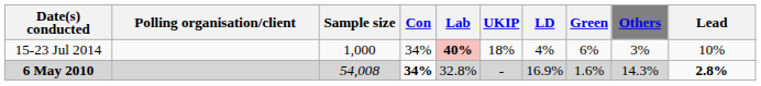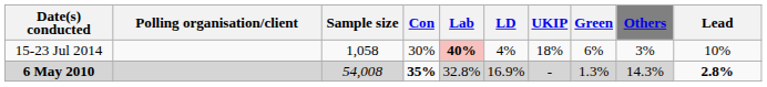 <table class="wikitable sortable" style="text-align:center;font-size:90%;line-height:14px">
 <tr>
 <th ! style="width:100px;">Date(s)<br>conducted</th>
 <th style="width:200px;">Polling organisation/client</th>
 <th class="unsortable" style="width:75px;">Sample size</th>
 <th class="unsortable" style="background:"><a href='#'><span>Con</span></a></th>
 <th class="unsortable" style="background:"><a href='#'><span>Lab</span></a></th>
+<th class="unsortable" style="background:"><a href='#'><span>LD</span></a></th>
 <th class="unsortable" style="background:"><a href='#'><span>UKIP</span></a></th>
-<th class="unsortable" style="background:"><a href='#'><span>LD</span></a></th>
 <th class="unsortable" style="background:"><a href='#'><span>Green</span></a></th>
 <th class="unsortable" style="background:gray; width:50px;"><a href='#'><span>Others</span></a></th>
 <th class="unsortable" style="width:80px;">Lead</th>
 </tr>
 <tr>
 <td>15-23 Jul 2014</td>
 <td> </td>
-<td>1,000</td>
-<td>34%</td>
+<td>1,058</td>
+<td>30%</td>
 <td style="background:#F8C1BE"><strong>40%</strong></td>
+<td>4%</td>
 <td>18%</td>
-<td>4%</td>
 <td>6%</td>
 <td>3%</td>
 <td style="background:">10%</td>
 </tr>
 <tr>
 <td style="background:#D5D5D5"><strong>6 May 2010</strong></td>
 <td style="background:#D5D5D5"></td>
 <td style="background:#D5D5D5"><em>54,008</em></td>
-<td style="background:"><strong>34%</strong></td>
+<td style="background:"><strong>35%</strong></td>
 <td style="background:#D5D5D5">32.8%</td>
+<td style="background:#D5D5D5">16.9%</td>
 <td style="background:#D5D5D5">-</td>
-<td style="background:#D5D5D5">16.9%</td>
-<td style="background:#D5D5D5">1.6%</td>
+<td style="background:#D5D5D5">1.3%</td>
 <td style="background:#D5D5D5">14.3%</td>
 <td style="background:"><strong>2.8% </strong></td>
 </tr>
 </table>
